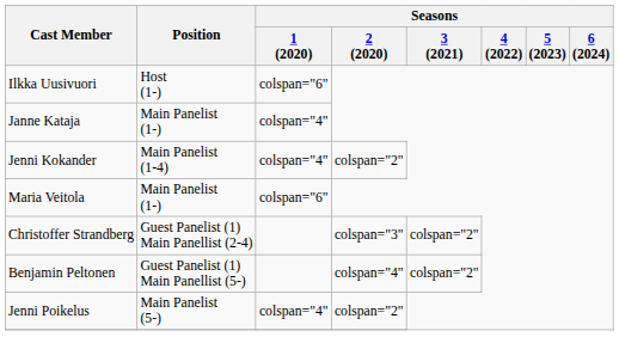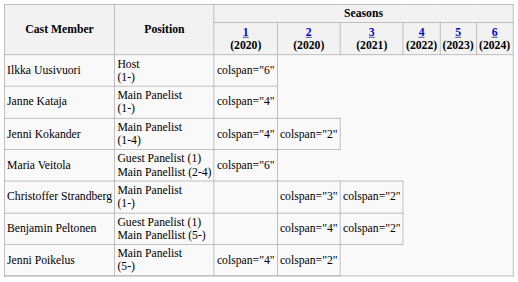 <table class="wikitable">
 <tr>
 <th rowspan="2">Cast Member</th>
 <th rowspan="2">Position</th>
 <th colspan="6">Seasons</th>
 </tr>
 <tr>
 <th><a href='#'>1</a><br>(2020)</th>
 <th><a href='#'>2</a><br>(2020)</th>
 <th><a href='#'>3</a><br>(2021)</th>
 <th><a href='#'>4</a><br>(2022)</th>
 <th><a href='#'>5</a><br>(2023)</th>
 <th><a href='#'>6</a><br>(2024)</th>
 </tr>
 <tr>
 <td>Ilkka Uusivuori</td>
 <td>Host<br>(1-)</td>
 <td>colspan="6" </td>
 </tr>
 <tr>
 <td>Janne Kataja</td>
 <td>Main Panelist<br>(1-)</td>
 <td>colspan="4" </td>
 </tr>
 <tr>
 <td>Jenni Kokander</td>
 <td>Main Panelist<br>(1-4)</td>
 <td>colspan="4" </td>
 <td>colspan="2"</td>
 </tr>
 <tr>
 <td>Maria Veitola</td>
-<td>Main Panelist<br>(1-)</td>
+<td>Guest Panelist (1)<br>Main Panellist (2-4)</td>
 <td>colspan="6" </td>
 </tr>
 <tr>
 <td>Christoffer Strandberg</td>
-<td>Guest Panelist (1)<br>Main Panellist (2-4)</td>
+<td>Main Panelist<br>(1-)</td>
 <td></td>
 <td>colspan="3" </td>
 <td>colspan="2"</td>
 </tr>
 <tr>
 <td>Benjamin Peltonen</td>
 <td>Guest Panelist (1)<br>Main Panellist (5-)</td>
 <td></td>
 <td>colspan="4" </td>
 <td>colspan="2"</td>
 </tr>
 <tr>
 <td>Jenni Poikelus</td>
 <td>Main Panelist<br>(5-)</td>
 <td>colspan="4" </td>
 <td>colspan="2"</td>
 </tr>
 <tr>
 </tr>
 </table>
